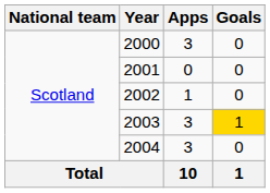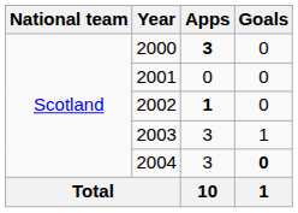 <table class="wikitable" style="text-align:center">
 <tr>
 <th scope="col">National team</th>
 <th scope="col">Year</th>
 <th scope="col">Apps</th>
 <th scope="col">Goals</th>
 </tr>
 <tr>
 <td scope="rowgroup" rowspan="5"><a href='#'>Scotland</a></td>
 <td scope="row">2000</td>
-<td>3</td>
+<td><strong>3</strong></td>
 <td>0</td>
 </tr>
 <tr>
 <td scope="row">2001</td>
 <td>0</td>
 <td>0</td>
 </tr>
 <tr>
 <td scope="row">2002</td>
-<td>1</td>
+<td><strong>1</strong></td>
 <td>0</td>
 </tr>
 <tr>
 <td scope="row">2003</td>
 <td>3</td>
-<td style="background: gold;">1</td>
+<td>1</td>
 </tr>
 <tr>
 <td scope="row">2004</td>
 <td>3</td>
-<td>0</td>
+<td><strong>0</strong></td>
 </tr>
 <tr>
 <th scope="row" colspan="2">Total</th>
 <th>10</th>
 <th>1</th>
 </tr>
 </table>
